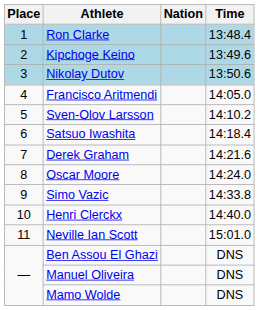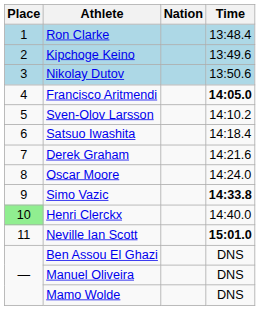 <table class=wikitable>
 <tr>
 <th>Place</th>
 <th>Athlete</th>
 <th>Nation</th>
 <th>Time</th>
 </tr>
 <tr align=center bgcolor=lightblue>
 <td>1</td>
 <td align=left><a href='#'>Ron Clarke</a></td>
 <td align=left></td>
 <td>13:48.4</td>
 </tr>
 <tr align=center bgcolor=lightblue>
 <td>2</td>
 <td align=left><a href='#'>Kipchoge Keino</a></td>
 <td align=left></td>
 <td>13:49.6</td>
 </tr>
 <tr align=center bgcolor=lightblue>
 <td>3</td>
 <td align=left><a href='#'>Nikolay Dutov</a></td>
 <td align=left></td>
 <td>13:50.6</td>
 </tr>
 <tr align=center>
 <td>4</td>
 <td align=left><a href='#'>Francisco Aritmendi</a></td>
 <td align=left></td>
-<td>14:05.0</td>
+<td><strong>14:05.0</strong></td>
 </tr>
 <tr align=center>
 <td>5</td>
 <td align=left><a href='#'>Sven-Olov Larsson</a></td>
 <td align=left></td>
 <td>14:10.2</td>
 </tr>
 <tr align=center>
 <td>6</td>
 <td align=left><a href='#'>Satsuo Iwashita</a></td>
 <td align=left></td>
 <td>14:18.4</td>
 </tr>
 <tr align=center>
 <td>7</td>
 <td align=left><a href='#'>Derek Graham</a></td>
 <td align=left></td>
 <td>14:21.6</td>
 </tr>
 <tr align=center>
 <td>8</td>
 <td align=left><a href='#'>Oscar Moore</a></td>
 <td align=left></td>
 <td>14:24.0</td>
 </tr>
 <tr align=center>
 <td>9</td>
 <td align=left><a href='#'>Simo Vazic</a></td>
 <td align=left></td>
-<td>14:33.8</td>
+<td><strong>14:33.8</strong></td>
 </tr>
 <tr align=center>
-<td>10</td>
+<td style="background: lightgreen;">10</td>
 <td align=left><a href='#'>Henri Clerckx</a></td>
 <td align=left></td>
 <td>14:40.0</td>
 </tr>
 <tr align=center>
 <td>11</td>
 <td align=left><a href='#'>Neville Ian Scott</a></td>
 <td align=left></td>
-<td>15:01.0</td>
+<td><strong>15:01.0</strong></td>
 </tr>
 <tr align=center>
 <td rowspan=3>—</td>
 <td align=left><a href='#'>Ben Assou El Ghazi</a></td>
 <td align=left></td>
 <td>DNS</td>
 </tr>
 <tr align=center>
 <td align=left><a href='#'>Manuel Oliveira</a></td>
 <td align=left></td>
 <td>DNS</td>
 </tr>
 <tr align=center>
 <td align=left><a href='#'>Mamo Wolde</a></td>
 <td align=left></td>
 <td>DNS</td>
 </tr>
 </table>
